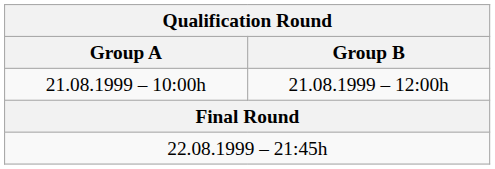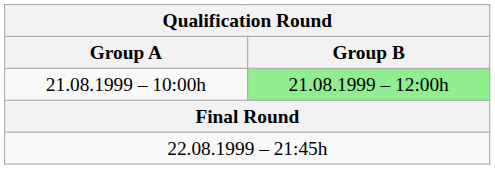 <table class="wikitable" style=" text-align:center; font-size:110%;" width="35%">
 <tr>
 <th colspan="2">Qualification Round</th>
 </tr>
 <tr>
 <th>Group A</th>
 <th>Group B</th>
 </tr>
 <tr>
 <td>21.08.1999 – 10:00h</td>
-<td>21.08.1999 – 12:00h</td>
+<td style="background: lightgreen;">21.08.1999 – 12:00h</td>
 </tr>
 <tr>
 <th colspan="2">Final Round</th>
 </tr>
 <tr>
 <td colspan="2">22.08.1999 – 21:45h</td>
 </tr>
 </table>
